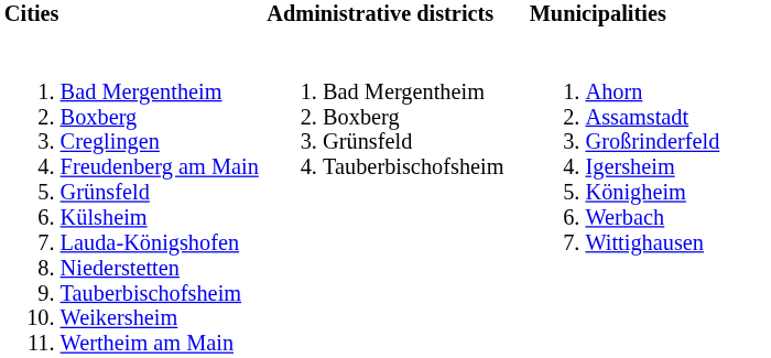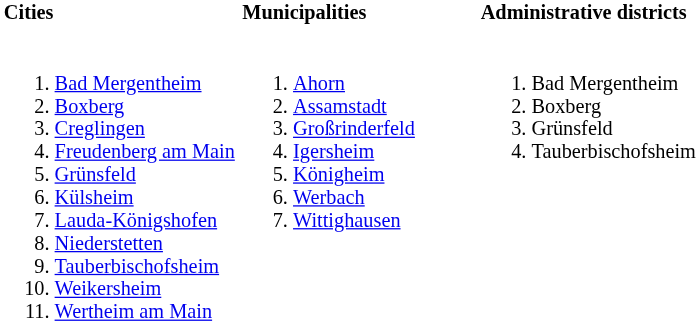 <table>
 <tr>
 <th width=33% align=left>Cities</th>
+<th width=33% align=left>Municipalities</th>
 <th width=33% align=left>Administrative districts</th>
-<th width=33% align=left>Municipalities</th>
 </tr>
 <tr valign=top>
 <td><br><ol><li><a href='#'>Bad Mergentheim</a></li><li><a href='#'>Boxberg</a></li><li><a href='#'>Creglingen</a></li><li><a href='#'>Freudenberg am Main</a></li><li><a href='#'>Grünsfeld</a></li><li><a href='#'>Külsheim</a></li><li><a href='#'>Lauda-Königshofen</a></li><li><a href='#'>Niederstetten</a></li><li><a href='#'>Tauberbischofsheim</a></li><li><a href='#'>Weikersheim</a></li><li><a href='#'>Wertheim am Main</a></li></ol></td>
+<td><br><ol><li><a href='#'>Ahorn</a></li><li><a href='#'>Assamstadt</a></li><li><a href='#'>Großrinderfeld</a></li><li><a href='#'>Igersheim</a></li><li><a href='#'>Königheim</a></li><li><a href='#'>Werbach</a></li><li><a href='#'>Wittighausen</a></li></ol></td>
 <td><br><ol><li>Bad Mergentheim</li><li>Boxberg</li><li>Grünsfeld</li><li>Tauberbischofsheim</li></ol></td>
-<td><br><ol><li><a href='#'>Ahorn</a></li><li><a href='#'>Assamstadt</a></li><li><a href='#'>Großrinderfeld</a></li><li><a href='#'>Igersheim</a></li><li><a href='#'>Königheim</a></li><li><a href='#'>Werbach</a></li><li><a href='#'>Wittighausen</a></li></ol></td>
 </tr>
 </table>
